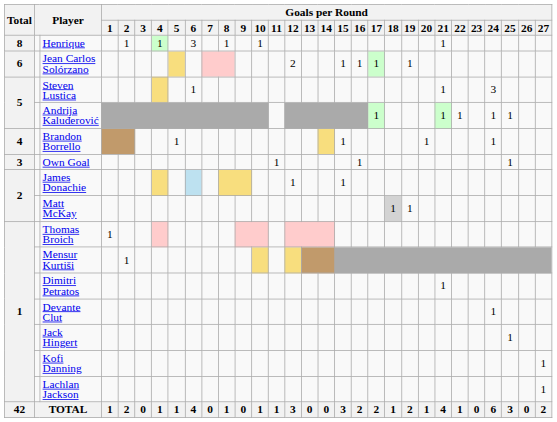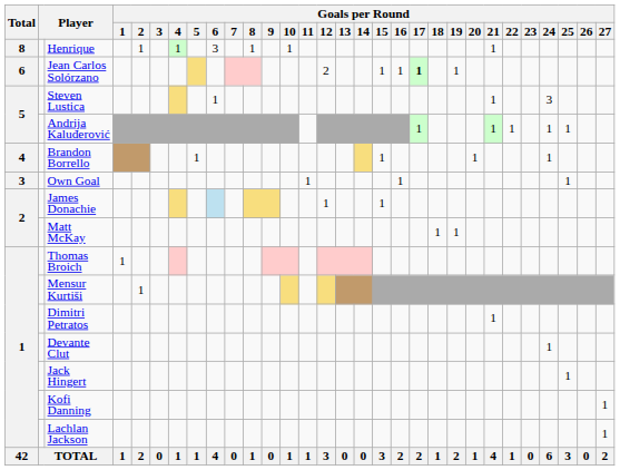 <table class="wikitable" style="text-align:center; line-height: 90%; font-size:90%;">
 <tr>
 <th rowspan=2>Total</th>
 <th rowspan=2 colspan=2>Player</th>
 <th colspan="27">Goals per Round</th>
 </tr>
 <tr>
 <th> 1 </th>
 <th> 2 </th>
 <th> 3 </th>
 <th> 4 </th>
 <th> 5 </th>
 <th> 6 </th>
 <th> 7 </th>
 <th> 8 </th>
 <th> 9 </th>
 <th>10</th>
 <th>11</th>
 <th>12</th>
 <th>13</th>
 <th>14</th>
 <th>15</th>
 <th>16</th>
 <th>17</th>
 <th>18</th>
 <th>19</th>
 <th>20</th>
 <th>21</th>
 <th>22</th>
 <th>23</th>
 <th>24</th>
 <th>25</th>
 <th>26</th>
 <th>27</th>
 </tr>
 <tr>
 <th rowspan=1>8</th>
 <td></td>
 <td style="text-align:left;"><a href='#'>Henrique</a></td>
 <td></td>
 <td>1</td>
 <td></td>
 <td style="background:#CCFFCC;">1</td>
 <td></td>
 <td>3</td>
 <td></td>
 <td>1</td>
 <td></td>
 <td>1</td>
 <td></td>
 <td></td>
 <td></td>
 <td></td>
 <td></td>
 <td></td>
 <td></td>
 <td></td>
 <td></td>
 <td></td>
 <td>1</td>
 <td></td>
 <td></td>
 <td></td>
 <td></td>
 <td></td>
 <td></td>
 </tr>
 <tr>
 <th rowspan=1>6</th>
 <td></td>
 <td style="text-align:left;"><a href='#'>Jean Carlos Solórzano</a></td>
 <td></td>
 <td></td>
 <td></td>
 <td></td>
 <td style="background:#F8DE7E;"></td>
 <td></td>
 <td colspan=2 style="background:#FFCCCC;"></td>
 <td></td>
 <td></td>
 <td></td>
 <td>2</td>
 <td></td>
 <td></td>
 <td>1</td>
 <td>1</td>
-<td style="background:#CCFFCC;">1</td>
+<td style="background:#CCFFCC;"><strong>1</strong></td>
 <td></td>
 <td>1</td>
 <td></td>
 <td></td>
 <td></td>
 <td></td>
 <td></td>
 <td></td>
 <td></td>
 <td></td>
 </tr>
 <tr>
 <th rowspan=2>5</th>
 <td></td>
 <td style="text-align:left;"><a href='#'>Steven Lustica</a></td>
 <td></td>
 <td></td>
 <td></td>
 <td style="background:#F8DE7E;"></td>
 <td></td>
 <td>1</td>
 <td></td>
 <td></td>
 <td></td>
 <td></td>
 <td></td>
 <td></td>
 <td></td>
 <td></td>
 <td></td>
 <td></td>
 <td></td>
 <td></td>
 <td></td>
 <td></td>
 <td>1</td>
 <td></td>
 <td></td>
 <td>3</td>
 <td></td>
 <td></td>
 <td></td>
 </tr>
 <tr>
 <td></td>
 <td style="text-align:left;"><a href='#'>Andrija Kaluđerović</a></td>
 <td colspan=10 style="background:#AAAAAA;"></td>
 <td></td>
 <td colspan=5 style="background:#AAAAAA;"></td>
 <td style="background:#CCFFCC;">1</td>
 <td></td>
 <td></td>
 <td></td>
 <td style="background:#CCFFCC;">1</td>
 <td>1</td>
 <td></td>
 <td>1</td>
 <td>1</td>
 <td></td>
 <td></td>
 </tr>
 <tr>
 <th rowspan=1>4</th>
 <td></td>
 <td style="text-align:left;"><a href='#'>Brandon Borrello</a></td>
 <td colspan=2 style="background:#C19A6B;"></td>
 <td></td>
 <td></td>
 <td>1</td>
 <td></td>
 <td></td>
 <td></td>
 <td></td>
 <td></td>
 <td></td>
 <td></td>
 <td></td>
 <td style="background:#F8DE7E;"></td>
 <td>1</td>
 <td></td>
 <td></td>
 <td></td>
 <td></td>
 <td>1</td>
 <td></td>
 <td></td>
 <td></td>
 <td>1</td>
 <td></td>
 <td></td>
 <td></td>
 </tr>
 <tr>
 <th rowspan=1>3</th>
 <td></td>
 <td style="text-align:left;"><a href='#'>Own Goal</a></td>
 <td></td>
 <td></td>
 <td></td>
 <td></td>
 <td></td>
 <td></td>
 <td></td>
 <td></td>
 <td></td>
 <td></td>
 <td>1</td>
 <td></td>
 <td></td>
 <td></td>
 <td></td>
 <td>1</td>
 <td></td>
 <td></td>
 <td></td>
 <td></td>
 <td></td>
 <td></td>
 <td></td>
 <td></td>
 <td>1</td>
 <td></td>
 <td></td>
 </tr>
 <tr>
 <th rowspan=2>2</th>
 <td></td>
 <td style="text-align:left;"><a href='#'>James Donachie</a></td>
 <td></td>
 <td></td>
 <td></td>
 <td style="background:#F8DE7E;"></td>
 <td></td>
 <td style="background:#BDE1F0;"></td>
 <td></td>
 <td colspan=2 style="background:#F8DE7E;"></td>
 <td></td>
 <td></td>
 <td>1</td>
 <td></td>
 <td></td>
 <td>1</td>
 <td></td>
 <td></td>
 <td></td>
 <td></td>
 <td></td>
 <td></td>
 <td></td>
 <td></td>
 <td></td>
 <td></td>
 <td></td>
 <td></td>
 </tr>
 <tr>
 <td></td>
 <td style="text-align:left;"><a href='#'>Matt McKay</a></td>
 <td></td>
 <td></td>
 <td></td>
 <td></td>
 <td></td>
 <td></td>
 <td></td>
 <td></td>
 <td></td>
 <td></td>
 <td></td>
 <td></td>
 <td></td>
 <td></td>
 <td></td>
 <td></td>
 <td></td>
-<td style="background: lightgrey;">1</td>
+<td>1</td>
 <td>1</td>
 <td></td>
 <td></td>
 <td></td>
 <td></td>
 <td></td>
 <td></td>
 <td></td>
 <td></td>
 </tr>
 <tr>
 <th rowspan=7>1</th>
 <td></td>
 <td style="text-align:left;"><a href='#'>Thomas Broich</a></td>
 <td>1</td>
 <td></td>
 <td></td>
 <td style="background:#FFCCCC;"></td>
 <td></td>
 <td></td>
 <td></td>
 <td></td>
 <td colspan=2 style="background:#FFCCCC;"></td>
 <td></td>
 <td colspan=3 style="background:#FFCCCC;"></td>
 <td></td>
 <td></td>
 <td></td>
 <td></td>
 <td></td>
 <td></td>
 <td></td>
 <td></td>
 <td></td>
 <td></td>
 <td></td>
 <td></td>
 <td></td>
 </tr>
 <tr>
 <td></td>
 <td style="text-align:left;"><a href='#'>Mensur Kurtiši</a></td>
 <td></td>
 <td>1</td>
 <td></td>
 <td></td>
 <td></td>
 <td></td>
 <td></td>
 <td></td>
 <td></td>
 <td style="background:#F8DE7E;"></td>
 <td></td>
 <td style="background:#F8DE7E;"></td>
 <td colspan=2 style="background:#C19A6B;"></td>
 <td colspan=13 style="background:#AAAAAA;"></td>
 </tr>
 <tr>
 <td></td>
 <td style="text-align:left;"><a href='#'>Dimitri Petratos</a></td>
 <td></td>
 <td></td>
 <td></td>
 <td></td>
 <td></td>
 <td></td>
 <td></td>
 <td></td>
 <td></td>
 <td></td>
 <td></td>
 <td></td>
 <td></td>
 <td></td>
 <td></td>
 <td></td>
 <td></td>
 <td></td>
 <td></td>
 <td></td>
 <td>1</td>
 <td></td>
 <td></td>
 <td></td>
 <td></td>
 <td></td>
 <td></td>
 </tr>
 <tr>
 <td></td>
 <td style="text-align:left;"><a href='#'>Devante Clut</a></td>
 <td></td>
 <td></td>
 <td></td>
 <td></td>
 <td></td>
 <td></td>
 <td></td>
 <td></td>
 <td></td>
 <td></td>
 <td></td>
 <td></td>
 <td></td>
 <td></td>
 <td></td>
 <td></td>
 <td></td>
 <td></td>
 <td></td>
 <td></td>
 <td></td>
 <td></td>
 <td></td>
 <td>1</td>
 <td></td>
 <td></td>
 <td></td>
 </tr>
 <tr>
 <td></td>
 <td style="text-align:left;"><a href='#'>Jack Hingert</a></td>
 <td></td>
 <td></td>
 <td></td>
 <td></td>
 <td></td>
 <td></td>
 <td></td>
 <td></td>
 <td></td>
 <td></td>
 <td></td>
 <td></td>
 <td></td>
 <td></td>
 <td></td>
 <td></td>
 <td></td>
 <td></td>
 <td></td>
 <td></td>
 <td></td>
 <td></td>
 <td></td>
 <td></td>
 <td>1</td>
 <td></td>
 <td></td>
 </tr>
 <tr>
 <td></td>
 <td style="text-align:left;"><a href='#'>Kofi Danning</a></td>
 <td></td>
 <td></td>
 <td></td>
 <td></td>
 <td></td>
 <td></td>
 <td></td>
 <td></td>
 <td></td>
 <td></td>
 <td></td>
 <td></td>
 <td></td>
 <td></td>
 <td></td>
 <td></td>
 <td></td>
 <td></td>
 <td></td>
 <td></td>
 <td></td>
 <td></td>
 <td></td>
 <td></td>
 <td></td>
 <td></td>
 <td>1</td>
 </tr>
 <tr>
 <td></td>
 <td style="text-align:left;"><a href='#'>Lachlan Jackson</a></td>
 <td></td>
 <td></td>
 <td></td>
 <td></td>
 <td></td>
 <td></td>
 <td></td>
 <td></td>
 <td></td>
 <td></td>
 <td></td>
 <td></td>
 <td></td>
 <td></td>
 <td></td>
 <td></td>
 <td></td>
 <td></td>
 <td></td>
 <td></td>
 <td></td>
 <td></td>
 <td></td>
 <td></td>
 <td></td>
 <td></td>
 <td>1</td>
 </tr>
 <tr>
 <th rowspan=1>42</th>
 <th colspan=2>TOTAL</th>
 <th style="text-align:center;">1</th>
 <th>2</th>
 <th>0</th>
 <th>1</th>
 <th>1</th>
 <th>4</th>
 <th>0</th>
 <th>1</th>
 <th>0</th>
 <th>1</th>
 <th>1</th>
 <th>3</th>
 <th>0</th>
 <th>0</th>
 <th>3</th>
 <th>2</th>
 <th>2</th>
 <th>1</th>
 <th>2</th>
 <th>1</th>
 <th>4</th>
 <th>1</th>
 <th>0</th>
 <th>6</th>
 <th>3</th>
 <th>0</th>
 <th>2</th>
 </tr>
 </table>
